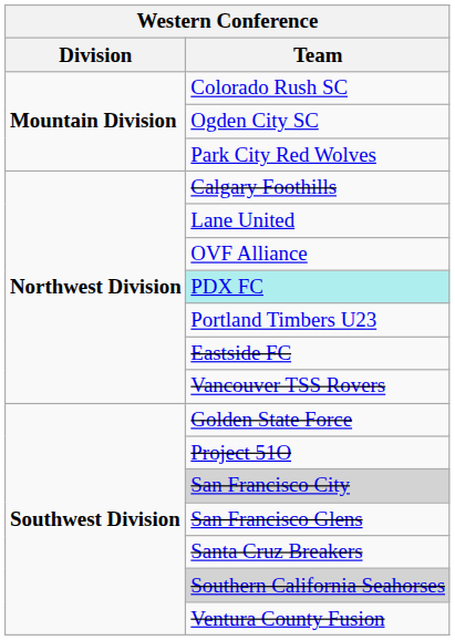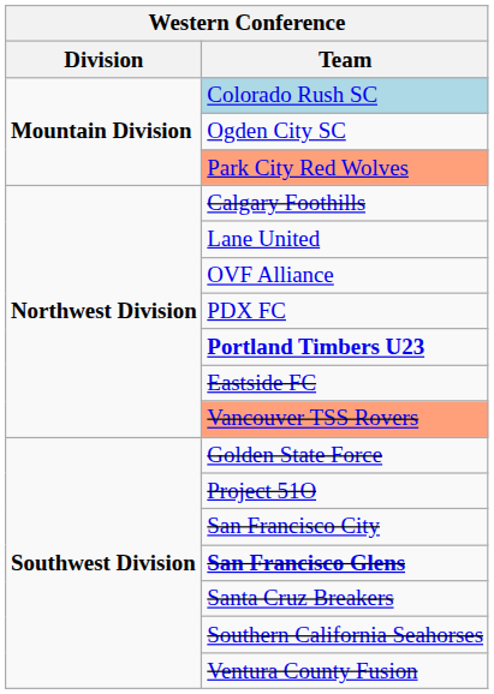 <table class="wikitable" style="text-align:left">
 <tr>
 <th colspan=2>Western Conference</th>
 </tr>
 <tr>
 <th>Division</th>
 <th>Team</th>
 </tr>
 <tr>
 <td rowspan=3><strong>Mountain Division</strong></td>
-<td><a href='#'>Colorado Rush SC</a></td>
+<td style="background: lightblue;"><a href='#'>Colorado Rush SC</a></td>
 </tr>
 <tr>
 <td><a href='#'>Ogden City SC</a></td>
 </tr>
 <tr>
-<td><a href='#'>Park City Red Wolves</a></td>
+<td style="background: lightsalmon;"><a href='#'>Park City Red Wolves</a></td>
 </tr>
 <tr>
 <td rowspan=7><strong>Northwest Division</strong></td>
 <td><s><a href='#'>Calgary Foothills</a></s></td>
 </tr>
 <tr>
 <td><a href='#'>Lane United</a></td>
 </tr>
 <tr>
 <td><a href='#'>OVF Alliance</a></td>
 </tr>
 <tr>
-<td style="background: paleturquoise;"><a href='#'>PDX FC</a></td>
+<td><a href='#'>PDX FC</a></td>
 </tr>
 <tr>
-<td><a href='#'>Portland Timbers U23</a></td>
+<td><strong><a href='#'>Portland Timbers U23</a></strong></td>
 </tr>
 <tr>
 <td><s><a href='#'>Eastside FC</a></s></td>
 </tr>
 <tr>
-<td><s><a href='#'>Vancouver TSS Rovers</a></s></td>
+<td style="background: lightsalmon;"><s><a href='#'>Vancouver TSS Rovers</a></s></td>
 </tr>
 <tr>
 <td rowspan=7><strong>Southwest Division</strong></td>
 <td><s><a href='#'>Golden State Force</a></s></td>
 </tr>
 <tr>
 <td><s><a href='#'>Project 51O</a></s></td>
 </tr>
 <tr>
-<td style="background: lightgrey;"><s><a href='#'>San Francisco City</a></s></td>
+<td><s><a href='#'>San Francisco City</a></s></td>
 </tr>
 <tr>
-<td><s><a href='#'>San Francisco Glens</a></s></td>
+<td><strong><s><a href='#'>San Francisco Glens</a></s></strong></td>
 </tr>
 <tr>
 <td><s><a href='#'>Santa Cruz Breakers</a></s></td>
 </tr>
 <tr>
-<td style="background: lightgrey;"><s><a href='#'>Southern California Seahorses</a></s></td>
+<td><s><a href='#'>Southern California Seahorses</a></s></td>
 </tr>
 <tr>
 <td><s><a href='#'>Ventura County Fusion</a></s></td>
 </tr>
 </table>
